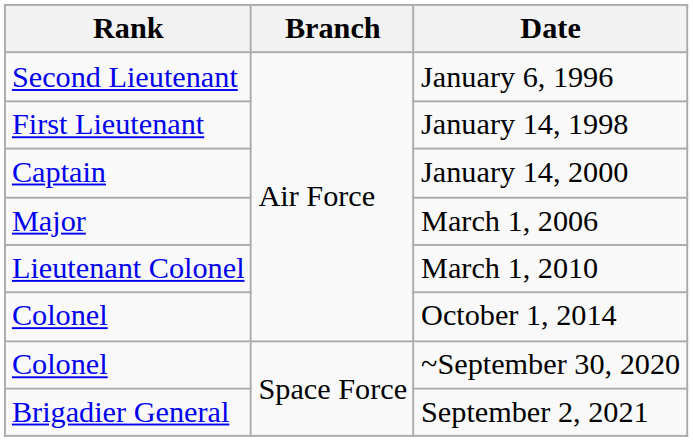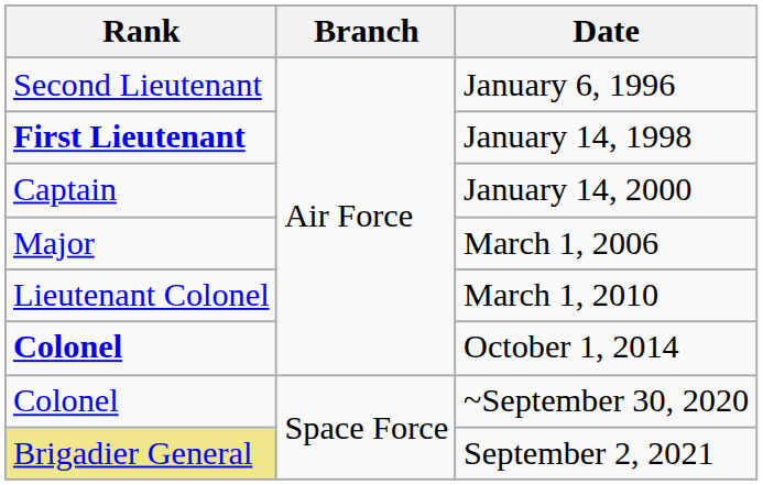 <table class="wikitable">
 <tr>
 <th>Rank</th>
 <th>Branch</th>
 <th>Date</th>
 </tr>
 <tr>
 <td> <a href='#'>Second Lieutenant</a></td>
 <td rowspan=6>Air Force</td>
 <td>January 6, 1996</td>
 </tr>
 <tr>
-<td> <a href='#'>First Lieutenant</a></td>
+<td><strong> <a href='#'>First Lieutenant</a></strong></td>
 <td>January 14, 1998</td>
 </tr>
 <tr>
 <td> <a href='#'>Captain</a></td>
 <td>January 14, 2000</td>
 </tr>
 <tr>
 <td> <a href='#'>Major</a></td>
 <td>March 1, 2006</td>
 </tr>
 <tr>
 <td> <a href='#'>Lieutenant Colonel</a></td>
 <td>March 1, 2010</td>
 </tr>
 <tr>
-<td> <a href='#'>Colonel</a></td>
+<td><strong> <a href='#'>Colonel</a></strong></td>
 <td>October 1, 2014</td>
 </tr>
 <tr>
 <td> <a href='#'>Colonel</a></td>
 <td rowspan=2>Space Force</td>
 <td>~September 30, 2020</td>
 </tr>
 <tr>
-<td> <a href='#'>Brigadier General</a></td>
+<td style="background: khaki;"> <a href='#'>Brigadier General</a></td>
 <td>September 2, 2021</td>
 </tr>
 </table>
